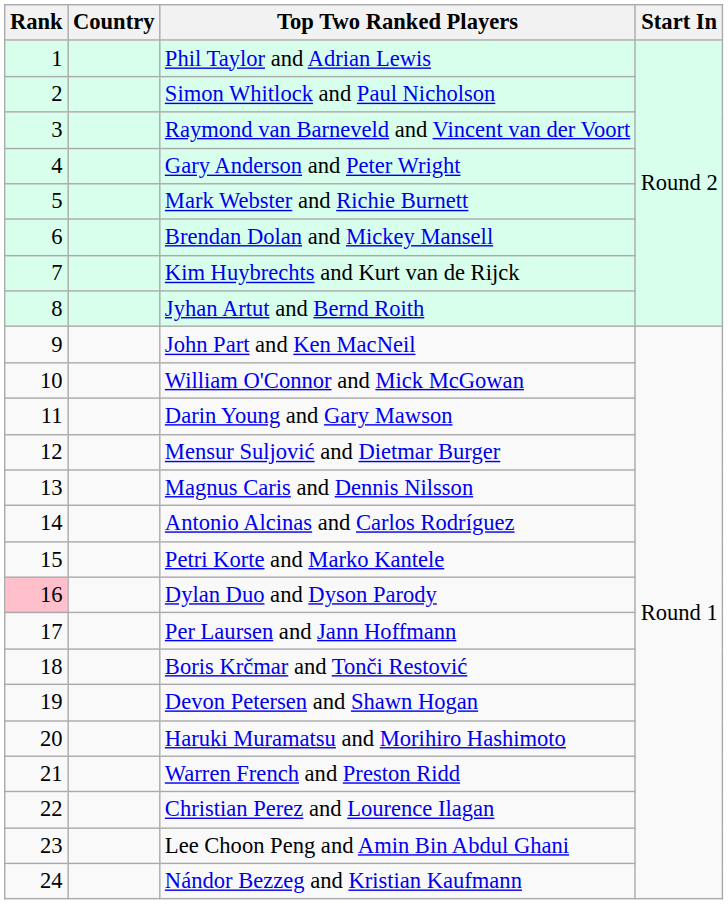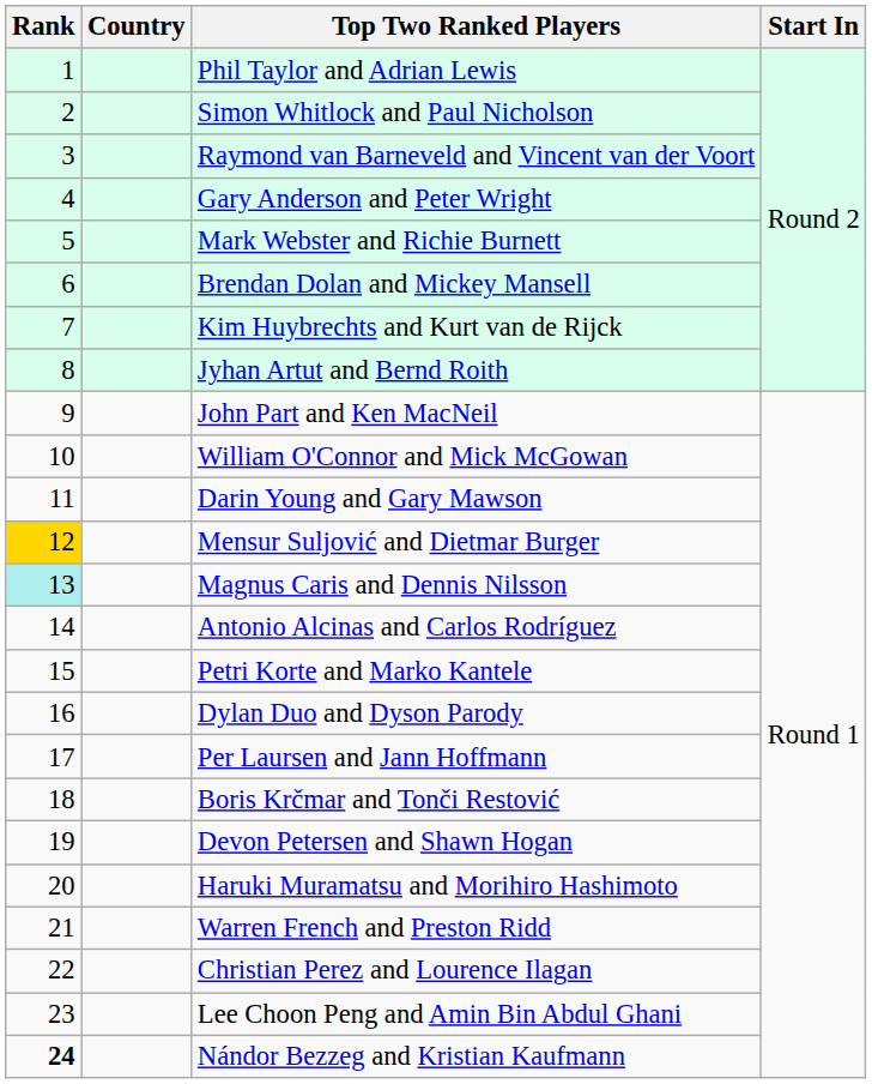 <table class="wikitable">
 <tr>
 <th>Rank</th>
 <th>Country</th>
 <th>Top Two Ranked Players</th>
 <th>Start In</th>
 </tr>
 <tr style="background:#d8ffeb;">
 <td align=right>1</td>
 <td></td>
 <td><a href='#'>Phil Taylor</a> and <a href='#'>Adrian Lewis</a></td>
 <td rowspan="8">Round 2</td>
 </tr>
 <tr style="background:#d8ffeb;">
 <td align=right>2</td>
 <td></td>
 <td><a href='#'>Simon Whitlock</a> and <a href='#'>Paul Nicholson</a></td>
 </tr>
 <tr style="background:#d8ffeb;">
 <td align=right>3</td>
 <td></td>
 <td><a href='#'>Raymond van Barneveld</a> and <a href='#'>Vincent van der Voort</a></td>
 </tr>
 <tr style="background:#d8ffeb;">
 <td align=right>4</td>
 <td></td>
 <td><a href='#'>Gary Anderson</a> and <a href='#'>Peter Wright</a></td>
 </tr>
 <tr style="background:#d8ffeb;">
 <td align=right>5</td>
 <td></td>
 <td><a href='#'>Mark Webster</a> and <a href='#'>Richie Burnett</a></td>
 </tr>
 <tr style="background:#d8ffeb;">
 <td align=right>6</td>
 <td></td>
 <td><a href='#'>Brendan Dolan</a> and <a href='#'>Mickey Mansell</a></td>
 </tr>
 <tr style="background:#d8ffeb;">
 <td align=right>7</td>
 <td></td>
 <td><a href='#'>Kim Huybrechts</a> and Kurt van de Rijck</td>
 </tr>
 <tr style="background:#d8ffeb;">
 <td align=right>8</td>
 <td></td>
 <td><a href='#'>Jyhan Artut</a> and <a href='#'>Bernd Roith</a></td>
 </tr>
 <tr>
 <td align=right>9</td>
 <td></td>
 <td><a href='#'>John Part</a> and <a href='#'>Ken MacNeil</a></td>
 <td rowspan="16">Round 1</td>
 </tr>
 <tr>
 <td align=right>10</td>
 <td></td>
 <td><a href='#'>William O'Connor</a> and <a href='#'>Mick McGowan</a></td>
 </tr>
 <tr>
 <td align=right>11</td>
 <td></td>
 <td><a href='#'>Darin Young</a> and <a href='#'>Gary Mawson</a></td>
 </tr>
 <tr>
-<td align=right>12</td>
+<td align=right style="background: gold;">12</td>
 <td></td>
 <td><a href='#'>Mensur Suljović</a> and <a href='#'>Dietmar Burger</a></td>
 </tr>
 <tr>
-<td align=right>13</td>
+<td align=right style="background: paleturquoise;">13</td>
 <td></td>
 <td><a href='#'>Magnus Caris</a> and <a href='#'>Dennis Nilsson</a></td>
 </tr>
 <tr>
 <td align=right>14</td>
 <td></td>
 <td><a href='#'>Antonio Alcinas</a> and <a href='#'>Carlos Rodríguez</a></td>
 </tr>
 <tr>
 <td align=right>15</td>
 <td></td>
 <td><a href='#'>Petri Korte</a> and <a href='#'>Marko Kantele</a></td>
 </tr>
 <tr>
-<td align=right style="background: pink;">16</td>
+<td align=right>16</td>
 <td></td>
 <td><a href='#'>Dylan Duo</a> and <a href='#'>Dyson Parody</a></td>
 </tr>
 <tr>
 <td align=right>17</td>
 <td></td>
 <td><a href='#'>Per Laursen</a> and <a href='#'>Jann Hoffmann</a></td>
 </tr>
 <tr>
 <td align=right>18</td>
 <td></td>
 <td><a href='#'>Boris Krčmar</a> and <a href='#'>Tonči Restović</a></td>
 </tr>
 <tr>
 <td align=right>19</td>
 <td></td>
 <td><a href='#'>Devon Petersen</a> and <a href='#'>Shawn Hogan</a></td>
 </tr>
 <tr>
 <td align=right>20</td>
 <td></td>
 <td><a href='#'>Haruki Muramatsu</a> and <a href='#'>Morihiro Hashimoto</a></td>
 </tr>
 <tr>
 <td align=right>21</td>
 <td></td>
 <td><a href='#'>Warren French</a> and <a href='#'>Preston Ridd</a></td>
 </tr>
 <tr>
 <td align=right>22</td>
 <td></td>
 <td><a href='#'>Christian Perez</a> and <a href='#'>Lourence Ilagan</a></td>
 </tr>
 <tr>
 <td align=right>23</td>
 <td></td>
 <td>Lee Choon Peng and <a href='#'>Amin Bin Abdul Ghani</a></td>
 </tr>
 <tr>
-<td align=right>24</td>
+<td align=right><strong>24</strong></td>
 <td></td>
 <td><a href='#'>Nándor Bezzeg</a> and <a href='#'>Kristian Kaufmann</a></td>
 </tr>
 </table>
